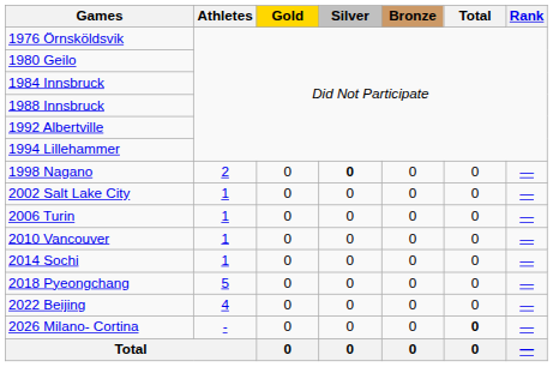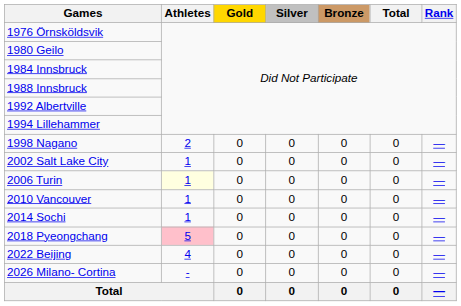 <table class="wikitable" style="text-align:center; font-size:100%;">
 <tr>
 <th style="width:13em;">Games</th>
 <th style="width:4em;">Athletes</th>
 <th style="width:4em; background:gold;">Gold</th>
 <th style="width:4em; background:silver;">Silver</th>
 <th style="width:4em; background:#cc9966;">Bronze</th>
 <th style="width:4em;">Total</th>
 <th style="width:2em;"><a href='#'>Rank</a></th>
 </tr>
 <tr>
 <td align=left> <a href='#'>1976 Örnsköldsvik</a></td>
 <td colspan=6 rowspan=6><em>Did Not Participate</em></td>
 </tr>
 <tr>
 <td align=left> <a href='#'>1980 Geilo</a></td>
 </tr>
 <tr>
 <td align=left> <a href='#'>1984 Innsbruck</a></td>
 </tr>
 <tr>
 <td align=left> <a href='#'>1988 Innsbruck</a></td>
 </tr>
 <tr>
 <td align=left> <a href='#'>1992 Albertville</a></td>
 </tr>
 <tr>
 <td align=left> <a href='#'>1994 Lillehammer</a></td>
 </tr>
 <tr>
 <td align=left> <a href='#'>1998 Nagano</a></td>
 <td><a href='#'>2</a></td>
 <td>0</td>
-<td><strong>0</strong></td>
+<td>0</td>
 <td>0</td>
 <td>0</td>
 <td><a href='#'>—</a></td>
 </tr>
 <tr>
 <td align=left> <a href='#'>2002 Salt Lake City</a></td>
 <td><a href='#'>1</a></td>
 <td>0</td>
 <td>0</td>
 <td>0</td>
 <td>0</td>
 <td><a href='#'>—</a></td>
 </tr>
 <tr>
 <td align=left> <a href='#'>2006 Turin</a></td>
-<td><a href='#'>1</a></td>
+<td style="background: lightyellow;"><a href='#'>1</a></td>
 <td>0</td>
 <td>0</td>
 <td>0</td>
 <td>0</td>
 <td><a href='#'>—</a></td>
 </tr>
 <tr>
 <td align=left> <a href='#'>2010 Vancouver</a></td>
 <td><a href='#'>1</a></td>
 <td>0</td>
 <td>0</td>
 <td>0</td>
 <td>0</td>
 <td><a href='#'>—</a></td>
 </tr>
 <tr>
 <td align=left> <a href='#'>2014 Sochi</a></td>
 <td><a href='#'>1</a></td>
 <td>0</td>
 <td>0</td>
 <td>0</td>
 <td>0</td>
 <td><a href='#'>—</a></td>
 </tr>
 <tr>
 <td align=left> <a href='#'>2018 Pyeongchang</a></td>
-<td><a href='#'>5</a></td>
+<td style="background: pink;"><a href='#'>5</a></td>
 <td>0</td>
 <td>0</td>
 <td>0</td>
 <td>0</td>
 <td><a href='#'>—</a></td>
 </tr>
 <tr>
 <td align=left> <a href='#'>2022 Beijing</a></td>
 <td><a href='#'>4</a></td>
 <td>0</td>
 <td>0</td>
 <td>0</td>
 <td>0</td>
 <td><a href='#'>—</a></td>
 </tr>
 <tr>
 <td align=left> <a href='#'>2026 Milano- Cortina</a></td>
 <td><a href='#'>-</a></td>
 <td>0</td>
 <td>0</td>
 <td>0</td>
-<td><strong>0</strong></td>
+<td>0</td>
 <td><a href='#'>—</a></td>
 </tr>
 <tr class="sortbottom">
 <th colspan=2>Total</th>
 <th>0</th>
 <th>0</th>
 <th>0</th>
 <th>0</th>
 <th><a href='#'>—</a></th>
 </tr>
 </table>
